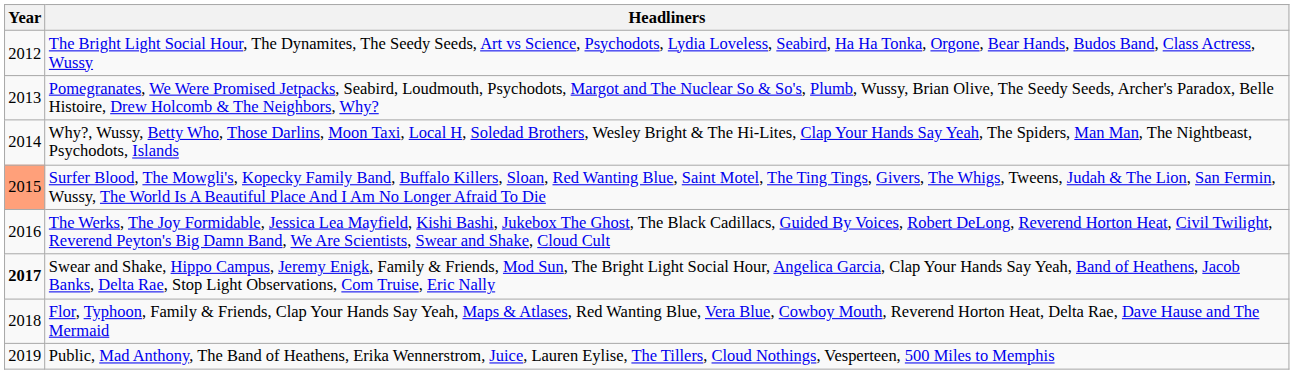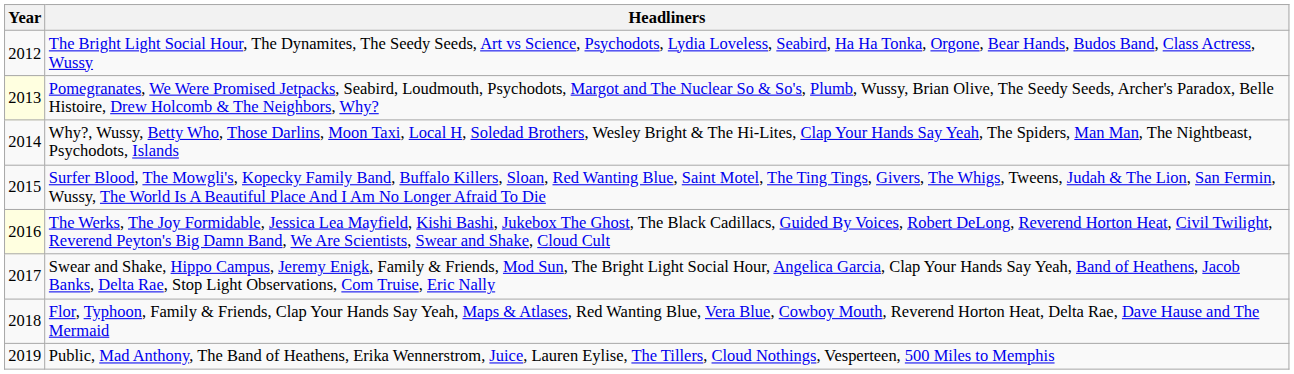 <table class="wikitable">
 <tr>
 <th>Year</th>
 <th>Headliners</th>
 </tr>
 <tr>
 <td>2012</td>
 <td><a href='#'>The Bright Light Social Hour</a>, The Dynamites, The Seedy Seeds, <a href='#'>Art vs Science</a>, <a href='#'>Psychodots</a>, <a href='#'>Lydia Loveless</a>, <a href='#'>Seabird</a>, <a href='#'>Ha Ha Tonka</a>, <a href='#'>Orgone</a>, <a href='#'>Bear Hands</a>, <a href='#'>Budos Band</a>, <a href='#'>Class Actress</a>, <a href='#'>Wussy</a></td>
 </tr>
 <tr>
-<td>2013</td>
+<td style="background: lightyellow;">2013</td>
 <td><a href='#'>Pomegranates</a>, <a href='#'>We Were Promised Jetpacks</a>, Seabird, Loudmouth, Psychodots, <a href='#'>Margot and The Nuclear So & So's</a>, <a href='#'>Plumb</a>, Wussy, Brian Olive, The Seedy Seeds, Archer's Paradox, Belle Histoire, <a href='#'>Drew Holcomb & The Neighbors</a>, <a href='#'>Why?</a></td>
 </tr>
 <tr>
 <td>2014</td>
 <td>Why?, Wussy, <a href='#'>Betty Who</a>, <a href='#'>Those Darlins</a>, <a href='#'>Moon Taxi</a>, <a href='#'>Local H</a>, <a href='#'>Soledad Brothers</a>, Wesley Bright & The Hi-Lites, <a href='#'>Clap Your Hands Say Yeah</a>, The Spiders, <a href='#'>Man Man</a>, The Nightbeast, Psychodots, <a href='#'>Islands</a></td>
 </tr>
 <tr>
-<td style="background: lightsalmon;">2015</td>
+<td>2015</td>
 <td><a href='#'>Surfer Blood</a>, <a href='#'>The Mowgli's</a>, <a href='#'>Kopecky Family Band</a>, <a href='#'>Buffalo Killers</a>, <a href='#'>Sloan</a>, <a href='#'>Red Wanting Blue</a>, <a href='#'>Saint Motel</a>, <a href='#'>The Ting Tings</a>, <a href='#'>Givers</a>, <a href='#'>The Whigs</a>, Tweens, <a href='#'>Judah & The Lion</a>, <a href='#'>San Fermin</a>, Wussy, <a href='#'>The World Is A Beautiful Place And I Am No Longer Afraid To Die</a></td>
 </tr>
 <tr>
-<td>2016</td>
+<td style="background: lightyellow;">2016</td>
 <td><a href='#'>The Werks</a>, <a href='#'>The Joy Formidable</a>, <a href='#'>Jessica Lea Mayfield</a>, <a href='#'>Kishi Bashi</a>, <a href='#'>Jukebox The Ghost</a>, The Black Cadillacs, <a href='#'>Guided By Voices</a>, <a href='#'>Robert DeLong</a>, <a href='#'>Reverend Horton Heat</a>, <a href='#'>Civil Twilight</a>, <a href='#'>Reverend Peyton's Big Damn Band</a>, <a href='#'>We Are Scientists</a>, <a href='#'>Swear and Shake</a>, <a href='#'>Cloud Cult</a></td>
 </tr>
 <tr>
-<td><strong>2017</strong></td>
+<td>2017</td>
 <td>Swear and Shake, <a href='#'>Hippo Campus</a>, <a href='#'>Jeremy Enigk</a>, Family & Friends, <a href='#'>Mod Sun</a>, The Bright Light Social Hour, <a href='#'>Angelica Garcia</a>, Clap Your Hands Say Yeah, <a href='#'>Band of Heathens</a>, <a href='#'>Jacob Banks</a>, <a href='#'>Delta Rae</a>, Stop Light Observations, <a href='#'>Com Truise</a>, <a href='#'>Eric Nally</a></td>
 </tr>
 <tr>
 <td>2018</td>
 <td><a href='#'>Flor</a>, <a href='#'>Typhoon</a>, Family & Friends, Clap Your Hands Say Yeah, <a href='#'>Maps & Atlases</a>, Red Wanting Blue, <a href='#'>Vera Blue</a>, <a href='#'>Cowboy Mouth</a>, Reverend Horton Heat, Delta Rae, <a href='#'>Dave Hause and The Mermaid</a></td>
 </tr>
 <tr>
 <td>2019</td>
 <td>Public, <a href='#'>Mad Anthony</a>, The Band of Heathens, Erika Wennerstrom, <a href='#'>Juice</a>, Lauren Eylise, <a href='#'>The Tillers</a>, <a href='#'>Cloud Nothings</a>, Vesperteen, <a href='#'>500 Miles to Memphis</a></td>
 </tr>
 </table>
